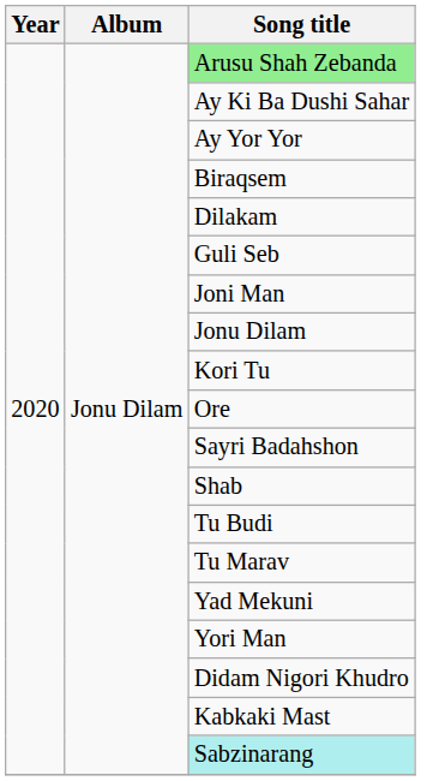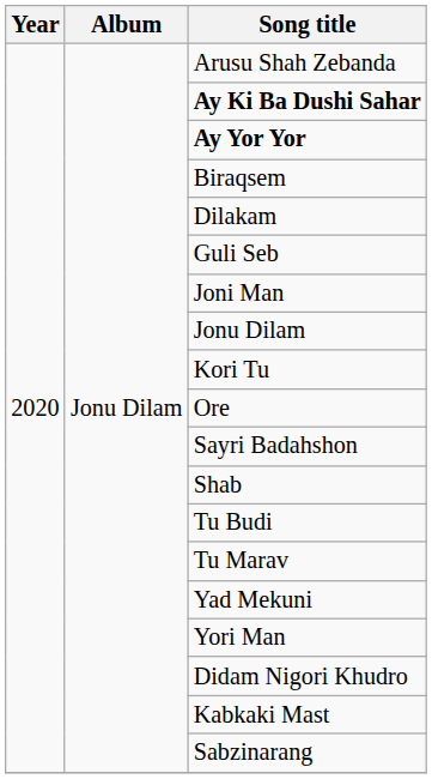 <table class="wikitable">
 <tr>
 <th rowspan="1">Year</th>
 <th rowspan="1">Album</th>
 <th rowspan="1">Song title</th>
 </tr>
 <tr>
 <td rowspan="19" align="center">2020</td>
 <td rowspan="19" align="center">Jonu Dilam</td>
-<td style="background: lightgreen;">Arusu Shah Zebanda</td>
+<td>Arusu Shah Zebanda</td>
 </tr>
 <tr>
-<td>Ay Ki Ba Dushi Sahar</td>
+<td><strong>Ay Ki Ba Dushi Sahar</strong></td>
 </tr>
 <tr>
-<td>Ay Yor Yor</td>
+<td><strong>Ay Yor Yor</strong></td>
 </tr>
 <tr>
 <td>Biraqsem</td>
 </tr>
 <tr>
 <td>Dilakam</td>
 </tr>
 <tr>
 <td>Guli Seb</td>
 </tr>
 <tr>
 <td>Joni Man</td>
 </tr>
 <tr>
 <td>Jonu Dilam</td>
 </tr>
 <tr>
 <td>Kori Tu</td>
 </tr>
 <tr>
 <td>Ore</td>
 </tr>
 <tr>
 <td>Sayri Badahshon</td>
 </tr>
 <tr>
 <td>Shab</td>
 </tr>
 <tr>
 <td>Tu Budi</td>
 </tr>
 <tr>
 <td>Tu Marav</td>
 </tr>
 <tr>
 <td>Yad Mekuni</td>
 </tr>
 <tr>
 <td>Yori Man</td>
 </tr>
 <tr>
 <td>Didam Nigori Khudro</td>
 </tr>
 <tr>
 <td>Kabkaki Mast</td>
 </tr>
 <tr>
-<td style="background: paleturquoise;">Sabzinarang</td>
+<td>Sabzinarang</td>
 </tr>
 <tr>
 </tr>
 </table>
